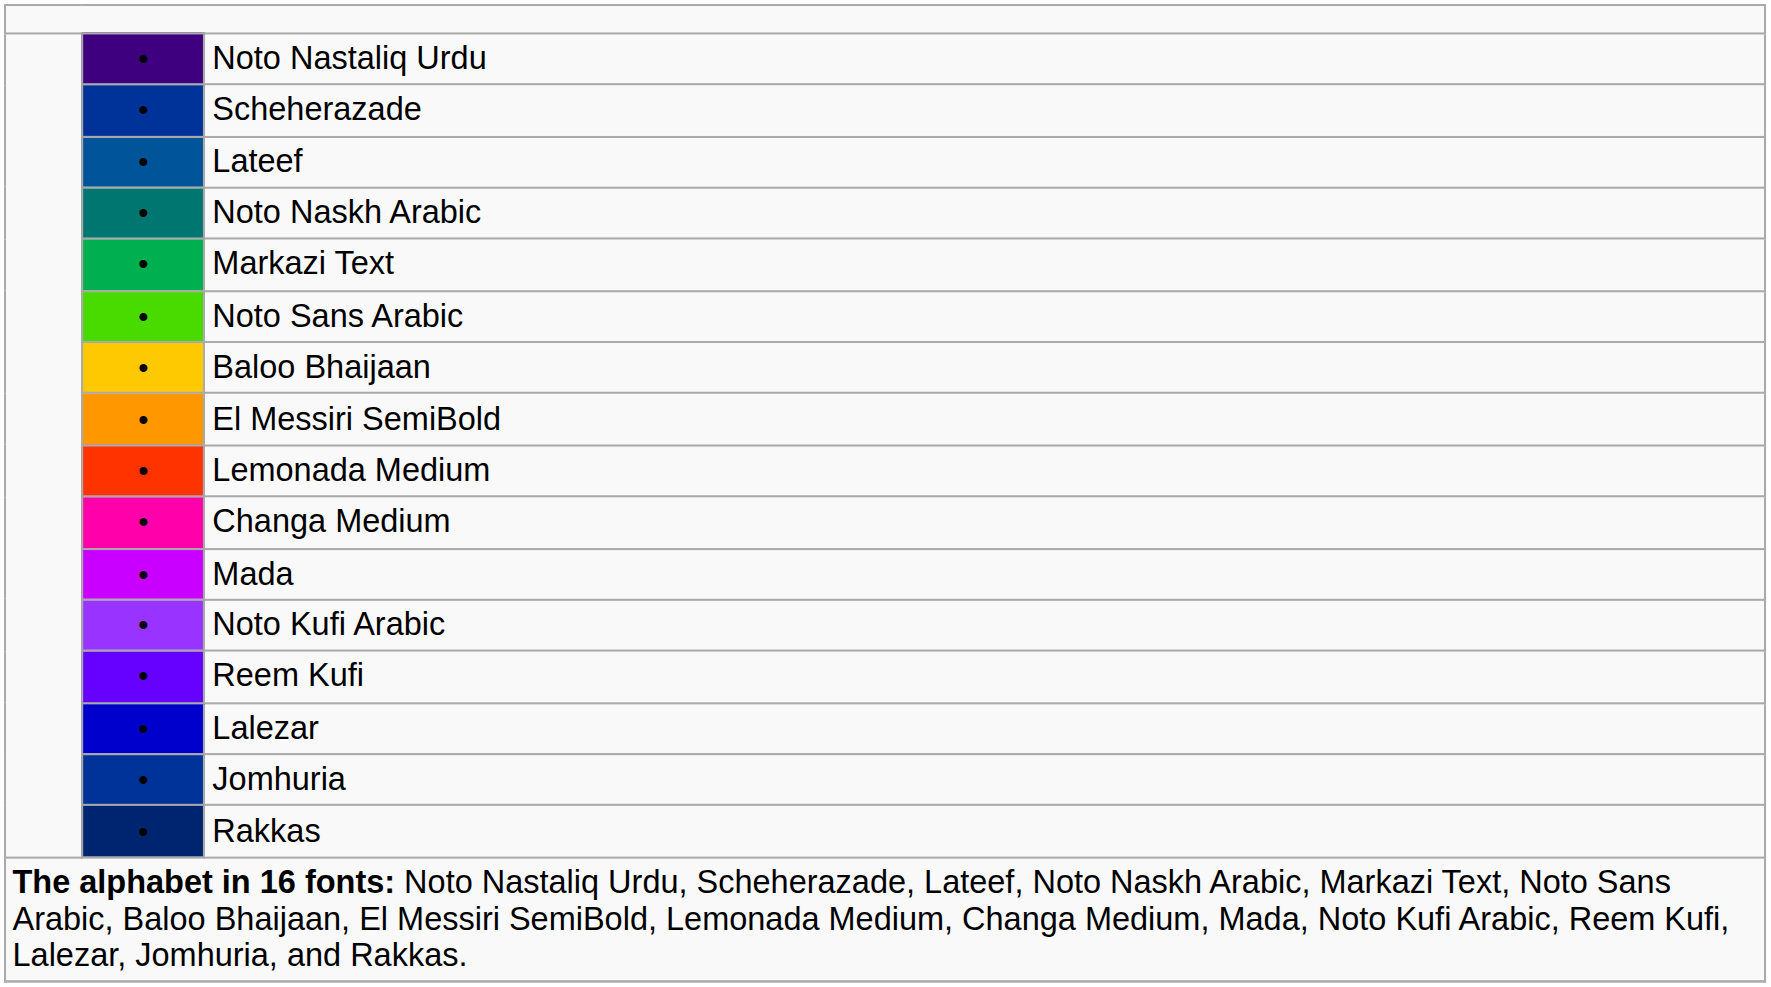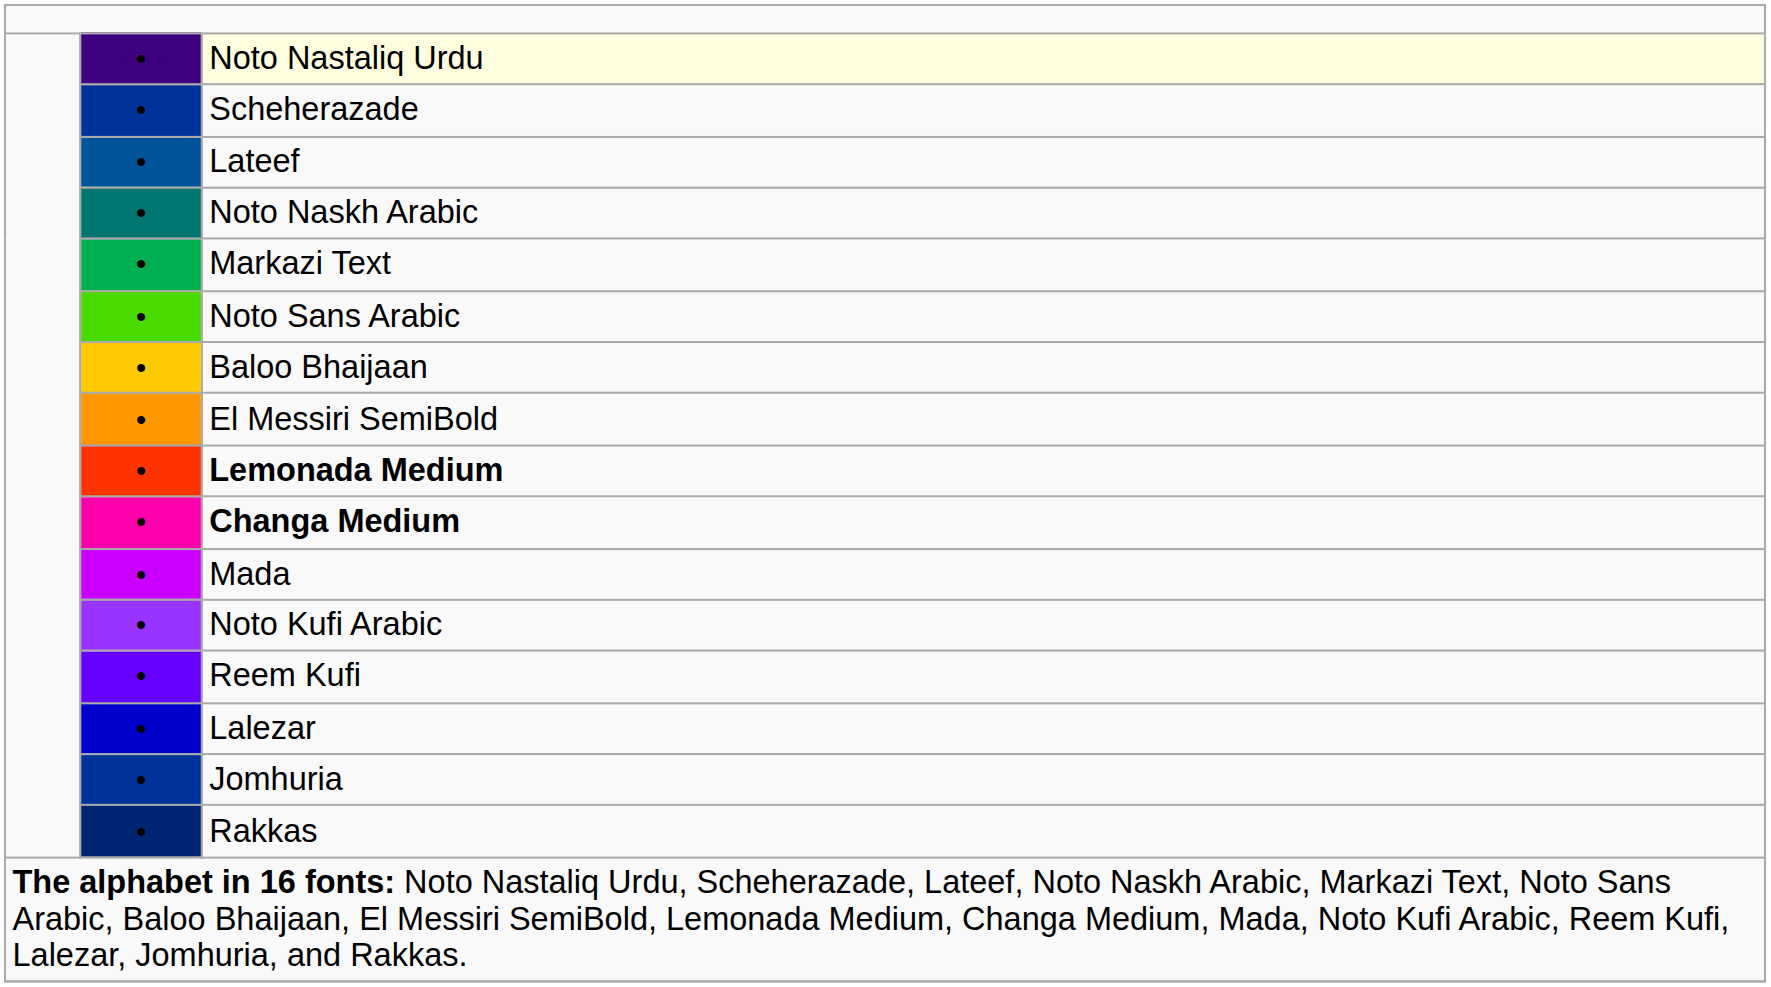 <table class="wikitable">
 <tr style="text-align:center;white-space:nowrap;font-size:200%">
 <td colspan="3">                                                                                                </td>
 </tr>
 <tr>
 <td rowspan="16"></td>
 <td style="font-size:90%;text-align:center;background-color:#3f007f">•</td>
-<td style="font-size=80%;white-space:nowrap;">Noto Nastaliq Urdu</td>
+<td style="background: lightyellow; font-size=80%;white-space:nowrap;">Noto Nastaliq Urdu</td>
 </tr>
 <tr>
 <td style="font-size:90%;text-align:center;background-color:#003399">•</td>
 <td style="font-size=80%;white-space:nowrap;">Scheherazade</td>
 </tr>
 <tr>
 <td style="font-size:90%;text-align:center;background-color:#00549a">•</td>
 <td style="font-size=80%;white-space:nowrap;">Lateef</td>
 </tr>
 <tr>
 <td style="font-size:90%;text-align:center;background-color:#007670">•</td>
 <td style="font-size=80%;white-space:nowrap;">Noto Naskh Arabic</td>
 </tr>
 <tr>
 <td style="font-size:90%;text-align:center;background-color:#00b050">•</td>
 <td style="font-size=80%;white-space:nowrap;">Markazi Text</td>
 </tr>
 <tr>
 <td style="font-size:90%;text-align:center;background-color:#49da00">•</td>
 <td style="font-size=80%;white-space:nowrap;">Noto Sans Arabic</td>
 </tr>
 <tr>
 <td style="font-size:90%;text-align:center;background-color:#ffc900">•</td>
 <td style="font-size=80%;white-space:nowrap;">Baloo Bhaijaan</td>
 </tr>
 <tr>
 <td style="font-size:90%;text-align:center;background-color:#ff9800">•</td>
 <td style="font-size=80%;white-space:nowrap;">El Messiri SemiBold</td>
 </tr>
 <tr>
 <td style="font-size:90%;text-align:center;background-color:#ff3300">•</td>
-<td style="font-size=80%;white-space:nowrap;">Lemonada Medium</td>
+<td style="font-size=80%;white-space:nowrap;"><strong>Lemonada Medium</strong></td>
 </tr>
 <tr>
 <td style="font-size:90%;text-align:center;background-color:#ff00aa">•</td>
-<td style="font-size=80%;white-space:nowrap;">Changa Medium</td>
+<td style="font-size=80%;white-space:nowrap;"><strong>Changa Medium</strong></td>
 </tr>
 <tr>
 <td style="font-size:90%;text-align:center;background-color:#c900ff">•</td>
 <td style="font-size=80%;white-space:nowrap;">Mada</td>
 </tr>
 <tr>
 <td style="font-size:90%;text-align:center;background-color:#9933ff">•</td>
 <td style="font-size=80%;white-space:nowrap;">Noto Kufi Arabic</td>
 </tr>
 <tr>
 <td style="font-size:90%;text-align:center;background-color:#6600ff">•</td>
 <td style="font-size=80%;white-space:nowrap;">Reem Kufi</td>
 </tr>
 <tr>
 <td style="font-size:90%;text-align:center;background-color:#0000cc">•</td>
 <td style="font-size=80%;white-space:nowrap;">Lalezar</td>
 </tr>
 <tr>
 <td style="font-size:90%;text-align:center;background-color:#003399">•</td>
 <td style="font-size=80%;white-space:nowrap;">Jomhuria</td>
 </tr>
 <tr>
 <td style="font-size:90%;text-align:center;background-color:#002570">•</td>
 <td style="font-size=80%;white-space:nowrap;">Rakkas</td>
 </tr>
 <tr>
 <td colspan=3><strong>The alphabet in 16 fonts:</strong> Noto Nastaliq Urdu, Scheherazade, Lateef, Noto Naskh Arabic, Markazi Text, Noto Sans Arabic, Baloo Bhaijaan, El Messiri SemiBold, Lemonada Medium, Changa Medium, Mada, Noto Kufi Arabic, Reem Kufi, Lalezar, Jomhuria, and Rakkas.</td>
 </tr>
 <tr>
 </tr>
 </table>
